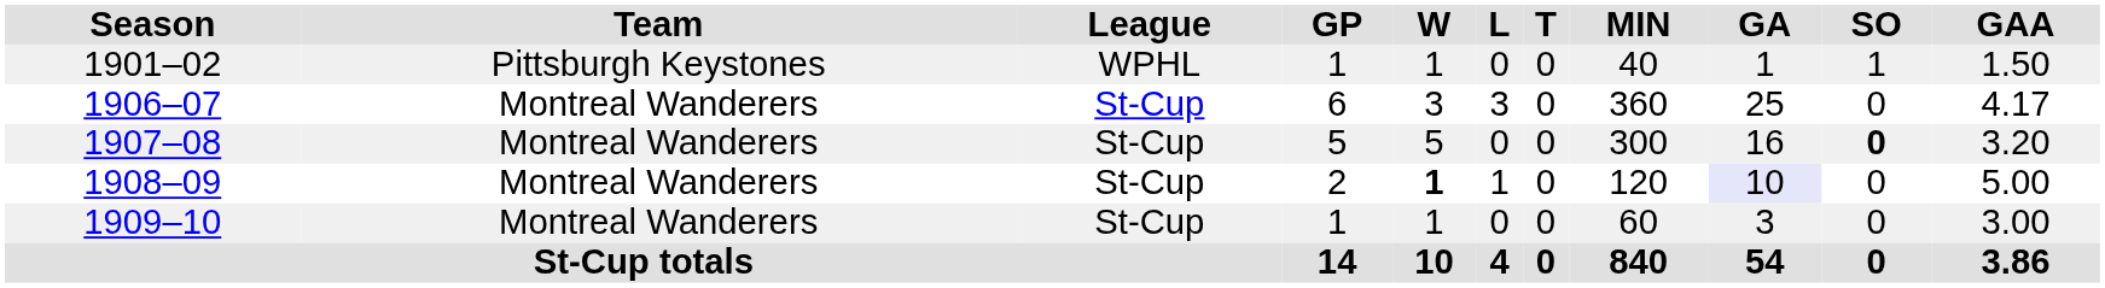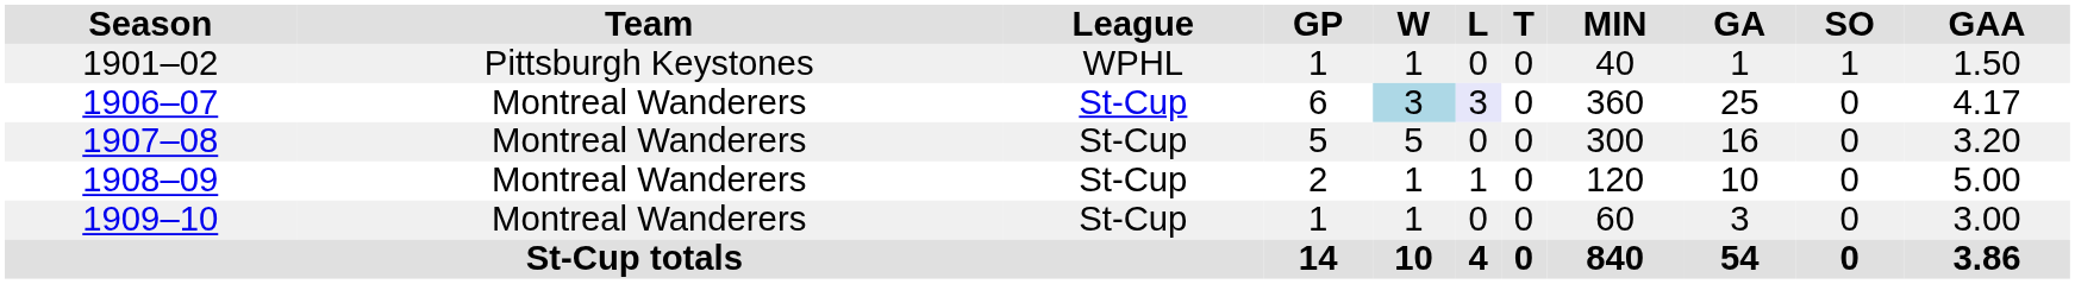 <table BORDER="0" CELLPADDING="0" CELLSPACING="0" width="75%">
 <tr bgcolor="#e0e0e0">
 <th colspan="3" bgcolor="#ffffff"></th>
 <th rowspan="99" bgcolor="#ffffff"></th>
 </tr>
 <tr bgcolor="#e0e0e0" ALIGN="center">
 <th>Season</th>
 <th>Team</th>
 <th>League</th>
 <th>GP</th>
 <th>W</th>
 <th>L</th>
 <th>T</th>
 <th>MIN</th>
 <th>GA</th>
 <th>SO</th>
 <th>GAA</th>
 </tr>
 <tr ALIGN="center" bgcolor="#f0f0f0">
 <td>1901–02</td>
 <td>Pittsburgh Keystones</td>
 <td>WPHL</td>
 <td>1</td>
 <td>1</td>
 <td>0</td>
 <td>0</td>
 <td>40</td>
 <td>1</td>
 <td>1</td>
 <td>1.50</td>
 </tr>
 <tr ALIGN="center">
 <td><a href='#'>1906–07</a></td>
 <td>Montreal Wanderers</td>
 <td><a href='#'>St-Cup</a></td>
 <td>6</td>
-<td>3</td>
-<td>3</td>
+<td style="background: lightblue;">3</td>
+<td style="background: lavender;">3</td>
 <td>0</td>
 <td>360</td>
 <td>25</td>
 <td>0</td>
 <td>4.17</td>
 </tr>
 <tr ALIGN="center" bgcolor="#f0f0f0">
 <td><a href='#'>1907–08</a></td>
 <td>Montreal Wanderers</td>
 <td>St-Cup</td>
 <td>5</td>
 <td>5</td>
 <td>0</td>
 <td>0</td>
 <td>300</td>
 <td>16</td>
-<td><strong>0</strong></td>
+<td>0</td>
 <td>3.20</td>
 </tr>
 <tr ALIGN="center">
 <td><a href='#'>1908–09</a></td>
 <td>Montreal Wanderers</td>
 <td>St-Cup</td>
 <td>2</td>
-<td><strong>1</strong></td>
+<td>1</td>
 <td>1</td>
 <td>0</td>
 <td>120</td>
-<td style="background: lavender;">10</td>
+<td>10</td>
 <td>0</td>
 <td>5.00</td>
 </tr>
 <tr ALIGN="center" bgcolor="#f0f0f0">
 <td><a href='#'>1909–10</a></td>
 <td>Montreal Wanderers</td>
 <td>St-Cup</td>
 <td>1</td>
 <td>1</td>
 <td>0</td>
 <td>0</td>
 <td>60</td>
 <td>3</td>
 <td>0</td>
 <td>3.00</td>
 </tr>
 <tr ALIGN="center" bgcolor="#e0e0e0">
 <th colspan="3" align="center">St-Cup totals</th>
 <th>14</th>
 <th>10</th>
 <th>4</th>
 <th>0</th>
 <th>840</th>
 <th>54</th>
 <th>0</th>
 <th>3.86</th>
 </tr>
 </table>
